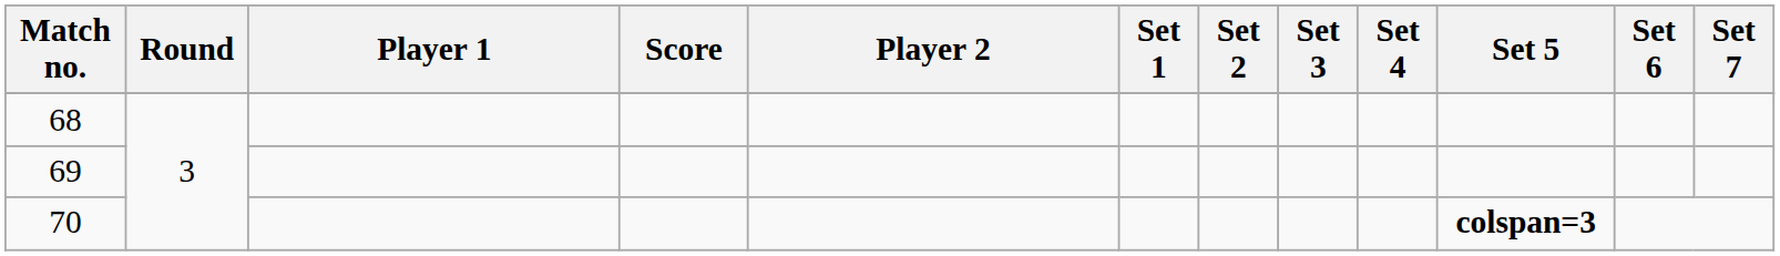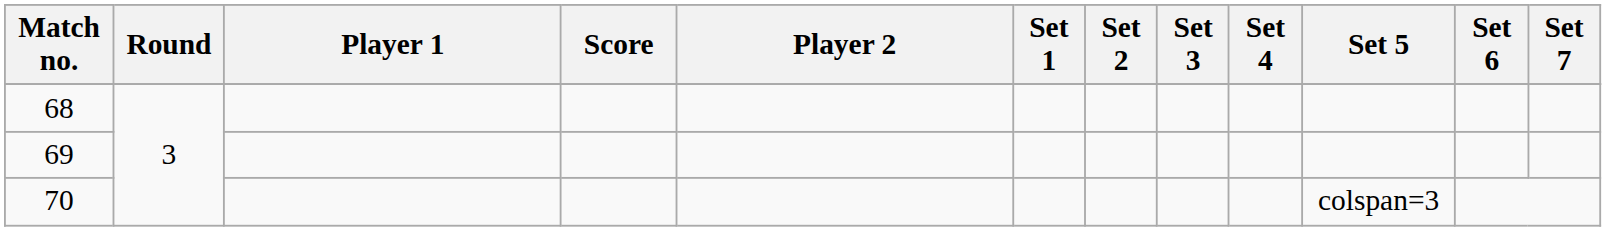 <table class="wikitable" style="text-align: center;">
 <tr>
 <th width="2%">Match no.</th>
 <th width="2%">Round</th>
 <th width="15%">Player 1</th>
 <th width="5%">Score</th>
 <th width="15%">Player 2</th>
 <th width="3%">Set 1</th>
 <th width="3%">Set 2</th>
 <th width="3%">Set 3</th>
 <th width="3%">Set 4</th>
 <th width="3%">Set 5</th>
 <th width="3%">Set 6</th>
 <th width="3%">Set 7</th>
 </tr>
 <tr>
 </tr>
 <tr>
 </tr>
 <tr style=text-align:center;>
 <td>68</td>
 <td rowspan=3>3</td>
 <td></td>
 <td></td>
 <td></td>
 <td></td>
 <td></td>
 <td></td>
 <td></td>
 <td></td>
 <td></td>
 <td></td>
 </tr>
 <tr style=text-align:center;>
 <td>69</td>
 <td></td>
 <td></td>
 <td></td>
 <td></td>
 <td></td>
 <td></td>
 <td></td>
 <td></td>
 <td></td>
 <td></td>
 </tr>
 <tr style=text-align:center;>
 <td>70</td>
 <td></td>
 <td></td>
 <td></td>
 <td></td>
 <td></td>
 <td></td>
 <td></td>
-<td><strong>colspan=3</strong></td>
+<td>colspan=3</td>
 </tr>
 </table>
